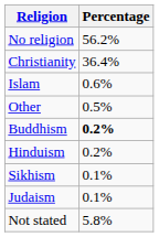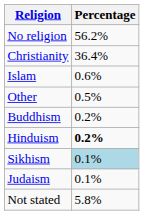 <table class="wikitable">
 <tr>
 <th><a href='#'>Religion</a></th>
 <th>Percentage</th>
 </tr>
 <tr>
 <td><a href='#'>No religion</a></td>
 <td>56.2%</td>
 </tr>
 <tr>
 <td><a href='#'>Christianity</a></td>
 <td>36.4%</td>
 </tr>
 <tr>
 <td><a href='#'>Islam</a></td>
 <td>0.6%</td>
 </tr>
 <tr>
 <td><a href='#'>Other</a></td>
 <td>0.5%</td>
 </tr>
 <tr>
 <td><a href='#'>Buddhism</a></td>
+<td>0.2%</td>
+</tr>
+<tr>
+<td><a href='#'>Hinduism</a></td>
 <td><strong>0.2%</strong></td>
 </tr>
 <tr>
-<td><a href='#'>Hinduism</a></td>
-<td>0.2%</td>
-</tr>
-<tr>
 <td><a href='#'>Sikhism</a></td>
-<td>0.1%</td>
+<td style="background: lightblue;">0.1%</td>
 </tr>
 <tr>
 <td><a href='#'>Judaism</a></td>
 <td>0.1%</td>
 </tr>
 <tr>
 <td>Not stated</td>
 <td>5.8%</td>
 </tr>
 </table>
